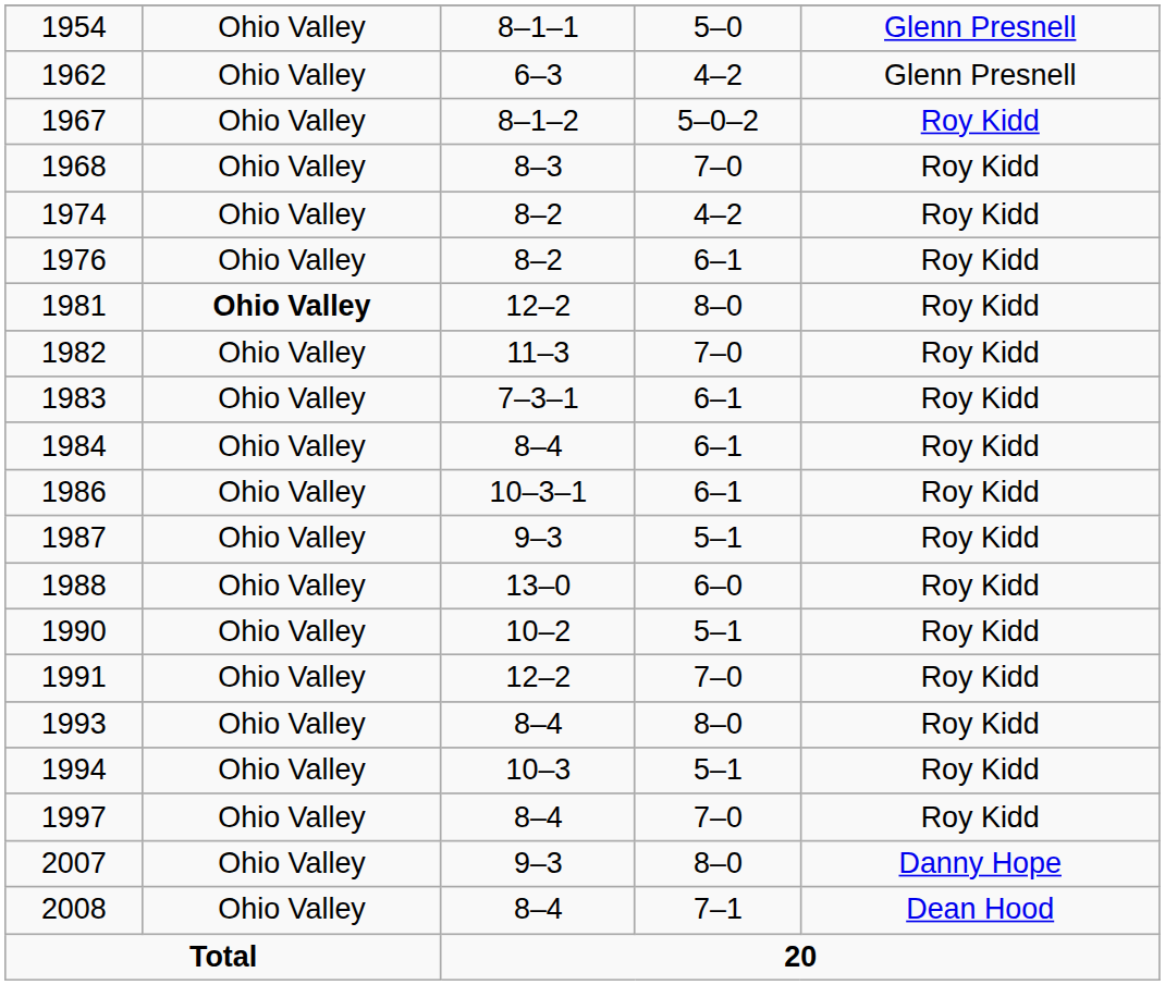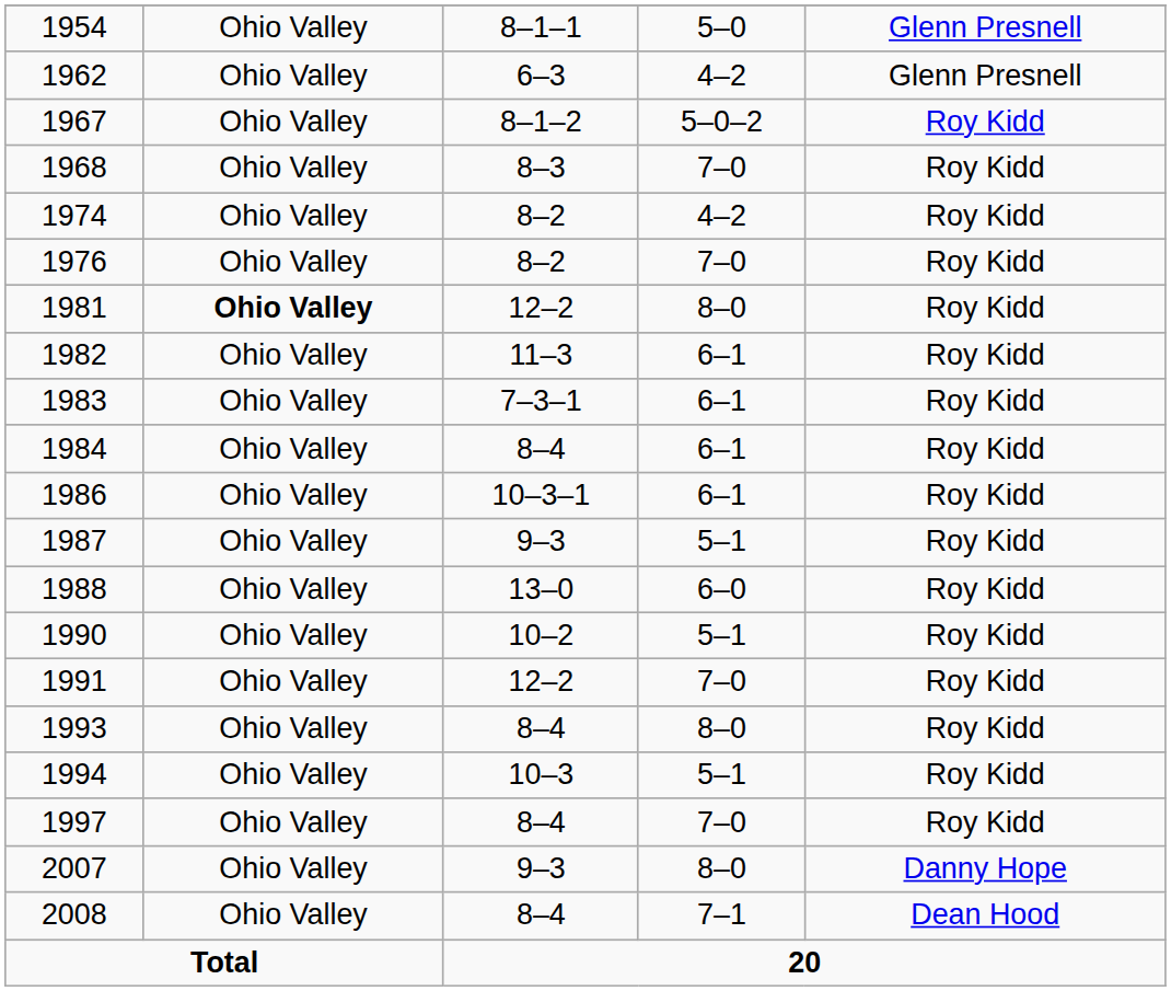 <table class="wikitable" style="width:50%;">
 <tr>
 </tr>
 <tr style="text-align:center;">
 <td>1954</td>
 <td>Ohio Valley</td>
 <td>8–1–1</td>
 <td>5–0</td>
 <td><a href='#'>Glenn Presnell</a></td>
 </tr>
 <tr style="text-align:center;">
 <td>1962</td>
 <td>Ohio Valley</td>
 <td>6–3</td>
 <td>4–2</td>
 <td>Glenn Presnell</td>
 </tr>
 <tr style="text-align:center;">
 <td>1967</td>
 <td>Ohio Valley</td>
 <td>8–1–2</td>
 <td>5–0–2</td>
 <td><a href='#'>Roy Kidd</a></td>
 </tr>
 <tr style="text-align:center;">
 <td>1968</td>
 <td>Ohio Valley</td>
 <td>8–3</td>
 <td>7–0</td>
 <td>Roy Kidd</td>
 </tr>
 <tr style="text-align:center;">
 <td>1974</td>
 <td>Ohio Valley</td>
 <td>8–2</td>
 <td>4–2</td>
 <td>Roy Kidd</td>
 </tr>
 <tr style="text-align:center;">
 <td>1976</td>
 <td>Ohio Valley</td>
 <td>8–2</td>
-<td>6–1</td>
+<td>7–0</td>
 <td>Roy Kidd</td>
 </tr>
 <tr style="text-align:center;">
 <td>1981</td>
 <td><strong>Ohio Valley</strong></td>
 <td>12–2</td>
 <td>8–0</td>
 <td>Roy Kidd</td>
 </tr>
 <tr style="text-align:center;">
 <td>1982</td>
 <td>Ohio Valley</td>
 <td>11–3</td>
-<td>7–0</td>
+<td>6–1</td>
 <td>Roy Kidd</td>
 </tr>
 <tr style="text-align:center;">
 <td>1983</td>
 <td>Ohio Valley</td>
 <td>7–3–1</td>
 <td>6–1</td>
 <td>Roy Kidd</td>
 </tr>
 <tr style="text-align:center;">
 <td>1984</td>
 <td>Ohio Valley</td>
 <td>8–4</td>
 <td>6–1</td>
 <td>Roy Kidd</td>
 </tr>
 <tr style="text-align:center;">
 <td>1986</td>
 <td>Ohio Valley</td>
 <td>10–3–1</td>
 <td>6–1</td>
 <td>Roy Kidd</td>
 </tr>
 <tr style="text-align:center;">
 <td>1987</td>
 <td>Ohio Valley</td>
 <td>9–3</td>
 <td>5–1</td>
 <td>Roy Kidd</td>
 </tr>
 <tr style="text-align:center;">
 <td>1988</td>
 <td>Ohio Valley</td>
 <td>13–0</td>
 <td>6–0</td>
 <td>Roy Kidd</td>
 </tr>
 <tr style="text-align:center;">
 <td>1990</td>
 <td>Ohio Valley</td>
 <td>10–2</td>
 <td>5–1</td>
 <td>Roy Kidd</td>
 </tr>
 <tr style="text-align:center;">
 <td>1991</td>
 <td>Ohio Valley</td>
 <td>12–2</td>
 <td>7–0</td>
 <td>Roy Kidd</td>
 </tr>
 <tr style="text-align:center;">
 <td>1993</td>
 <td>Ohio Valley</td>
 <td>8–4</td>
 <td>8–0</td>
 <td>Roy Kidd</td>
 </tr>
 <tr style="text-align:center;">
 <td>1994</td>
 <td>Ohio Valley</td>
 <td>10–3</td>
 <td>5–1</td>
 <td>Roy Kidd</td>
 </tr>
 <tr style="text-align:center;">
 <td>1997</td>
 <td>Ohio Valley</td>
 <td>8–4</td>
 <td>7–0</td>
 <td>Roy Kidd</td>
 </tr>
 <tr style="text-align:center;">
 <td>2007</td>
 <td>Ohio Valley</td>
 <td>9–3</td>
 <td>8–0</td>
 <td><a href='#'>Danny Hope</a></td>
 </tr>
 <tr style="text-align:center;">
 <td>2008</td>
 <td>Ohio Valley</td>
 <td>8–4</td>
 <td>7–1</td>
 <td><a href='#'>Dean Hood</a></td>
 </tr>
 <tr style="text-align:center; ">
 <td colspan="2"><strong>Total</strong></td>
 <td colspan="3"><strong>20</strong></td>
 </tr>
 </table>
